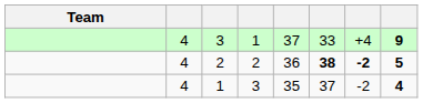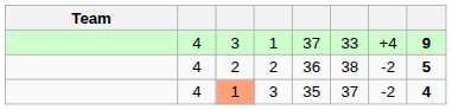 <table class="wikitable" style="text-align:center;font-size:95%">
 <tr>
 <th width=160>Team</th>
 <th width=30></th>
 <th width=30></th>
 <th width=30></th>
 <th width=30></th>
 <th width=30></th>
 <th width=30></th>
 <th width=30></th>
 </tr>
 <tr bgcolor=ccffcc>
 <td align="left"></td>
 <td>4</td>
 <td>3</td>
 <td>1</td>
 <td>37</td>
 <td>33</td>
 <td>+4</td>
 <td><strong>9</strong></td>
 </tr>
 <tr>
 <td align="left"></td>
 <td>4</td>
 <td>2</td>
 <td>2</td>
 <td>36</td>
-<td><strong>38</strong></td>
-<td><strong>-2</strong></td>
+<td>38</td>
+<td>-2</td>
 <td><strong>5</strong></td>
 </tr>
 <tr>
 <td align="left"></td>
 <td>4</td>
-<td>1</td>
+<td style="background: lightsalmon;">1</td>
 <td>3</td>
 <td>35</td>
 <td>37</td>
 <td>-2</td>
 <td><strong>4</strong></td>
 </tr>
 </table>
